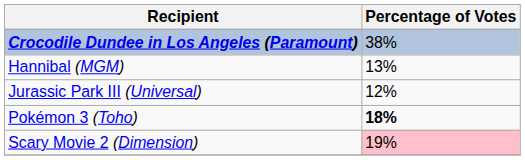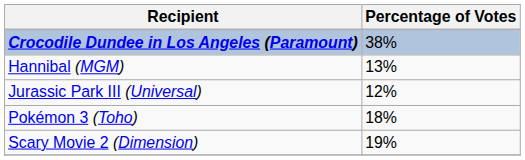 <table class="wikitable sortable plainrowheaders" align="centre">
 <tr>
 <th>Recipient</th>
 <th>Percentage of Votes</th>
 </tr>
 <tr>
 </tr>
 <tr style="background:#B0C4DE;">
 <td><strong><em><a href='#'>Crocodile Dundee in Los Angeles</a><em> (<a href='#'>Paramount</a>)<strong></td>
 <td></strong>38%<strong></td>
 </tr>
 <tr>
 <td></em><a href='#'>Hannibal</a><em> (<a href='#'>MGM</a>)</td>
 <td>13%</td>
 </tr>
 <tr>
 <td></em><a href='#'>Jurassic Park III</a><em> (<a href='#'>Universal</a>)</td>
 <td>12%</td>
 </tr>
 <tr>
 <td></em><a href='#'>Pokémon 3</a><em> (<a href='#'>Toho</a>)</td>
-<td><strong>18%</strong></td>
+<td>18%</td>
 </tr>
 <tr>
 <td></em><a href='#'>Scary Movie 2</a><em> (<a href='#'>Dimension</a>)</td>
-<td style="background: pink;">19%</td>
+<td>19%</td>
 </tr>
 <tr>
 </tr>
 </table>
